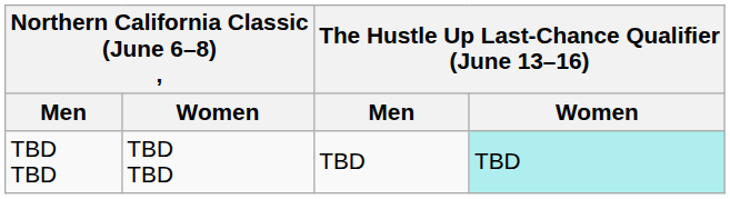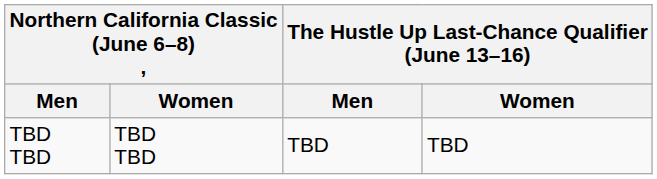 <table class="wikitable">
 <tr>
 <th colspan="2">Northern California Classic<br>(June 6–8)<br> , </th>
 <th colspan="2">The Hustle Up Last-Chance Qualifier<br> (June 13–16)</th>
 </tr>
 <tr>
 <th>Men</th>
 <th>Women</th>
 <th>Men</th>
 <th>Women</th>
 </tr>
 <tr>
 <td>TBD<br>TBD</td>
 <td>TBD<br>TBD</td>
 <td>TBD</td>
-<td style="background: paleturquoise;">TBD</td>
+<td>TBD</td>
 </tr>
 </table>
